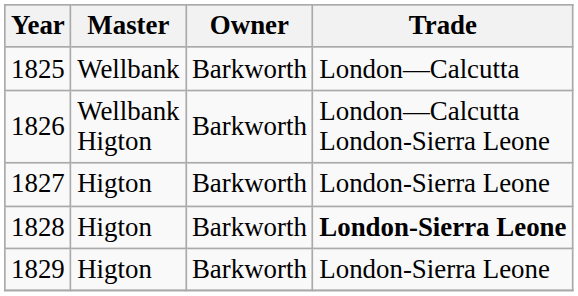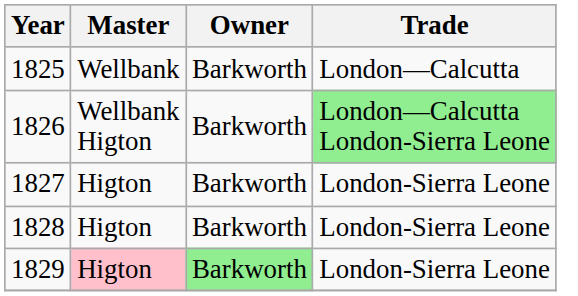 <table class="sortable wikitable">
 <tr>
 <th>Year</th>
 <th>Master</th>
 <th>Owner</th>
 <th>Trade</th>
 </tr>
 <tr>
 <td>1825</td>
 <td>Wellbank</td>
 <td>Barkworth</td>
 <td>London—Calcutta</td>
 </tr>
 <tr>
 <td>1826</td>
 <td>Wellbank<br>Higton</td>
 <td>Barkworth</td>
-<td>London—Calcutta<br>London-Sierra Leone</td>
+<td style="background: lightgreen;">London—Calcutta<br>London-Sierra Leone</td>
 </tr>
 <tr>
 <td>1827</td>
 <td>Higton</td>
 <td>Barkworth</td>
 <td>London-Sierra Leone</td>
 </tr>
 <tr>
 <td>1828</td>
 <td>Higton</td>
 <td>Barkworth</td>
-<td><strong>London-Sierra Leone</strong></td>
+<td>London-Sierra Leone</td>
 </tr>
 <tr>
 <td>1829</td>
-<td>Higton</td>
-<td>Barkworth</td>
+<td style="background: pink;">Higton</td>
+<td style="background: lightgreen;">Barkworth</td>
 <td>London-Sierra Leone</td>
 </tr>
 <tr>
 </tr>
 </table>
